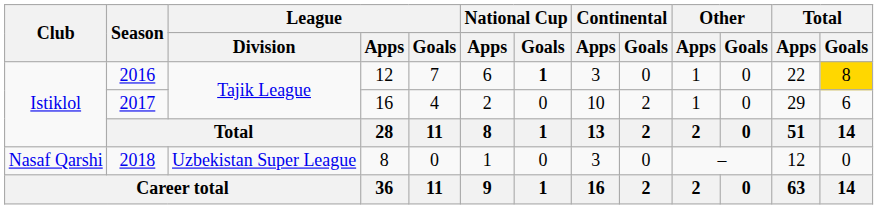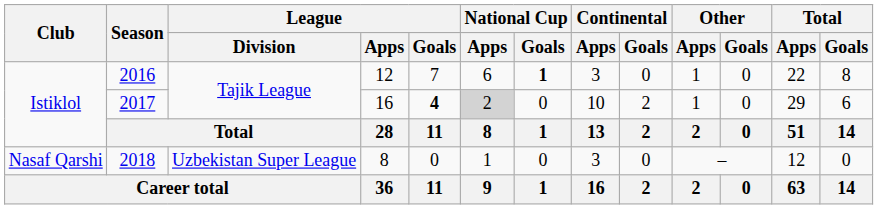 <table class="wikitable" style="text-align: center;">
 <tr>
 <th rowspan=2>Club</th>
 <th rowspan=2>Season</th>
 <th colspan=3>League</th>
 <th colspan=2>National Cup</th>
 <th colspan=2>Continental</th>
 <th colspan=2>Other</th>
 <th colspan=2>Total</th>
 </tr>
 <tr>
 <th>Division</th>
 <th>Apps</th>
 <th>Goals</th>
 <th>Apps</th>
 <th>Goals</th>
 <th>Apps</th>
 <th>Goals</th>
 <th>Apps</th>
 <th>Goals</th>
 <th>Apps</th>
 <th>Goals</th>
 </tr>
 <tr>
 <td rowspan=3><a href='#'>Istiklol</a></td>
 <td><a href='#'>2016</a></td>
 <td rowspan=2><a href='#'>Tajik League</a></td>
 <td>12</td>
 <td>7</td>
 <td>6</td>
 <td><strong>1</strong></td>
 <td>3</td>
 <td>0</td>
 <td>1</td>
 <td>0</td>
 <td>22</td>
-<td style="background: gold;">8</td>
+<td>8</td>
 </tr>
 <tr>
 <td><a href='#'>2017</a></td>
 <td>16</td>
-<td>4</td>
-<td>2</td>
+<td><strong>4</strong></td>
+<td style="background: lightgrey;">2</td>
 <td>0</td>
 <td>10</td>
 <td>2</td>
 <td>1</td>
 <td>0</td>
 <td>29</td>
 <td>6</td>
 </tr>
 <tr>
 <th colspan=2>Total</th>
 <th>28</th>
 <th>11</th>
 <th>8</th>
 <th>1</th>
 <th>13</th>
 <th>2</th>
 <th>2</th>
 <th>0</th>
 <th>51</th>
 <th>14</th>
 </tr>
 <tr>
 <td><a href='#'>Nasaf Qarshi</a></td>
 <td><a href='#'>2018</a></td>
 <td><a href='#'>Uzbekistan Super League</a></td>
 <td>8</td>
 <td>0</td>
 <td>1</td>
 <td>0</td>
 <td>3</td>
 <td>0</td>
 <td colspan=2>–</td>
 <td>12</td>
 <td>0</td>
 </tr>
 <tr>
 <th colspan=3>Career total</th>
 <th>36</th>
 <th>11</th>
 <th>9</th>
 <th>1</th>
 <th>16</th>
 <th>2</th>
 <th>2</th>
 <th>0</th>
 <th>63</th>
 <th>14</th>
 </tr>
 </table>
